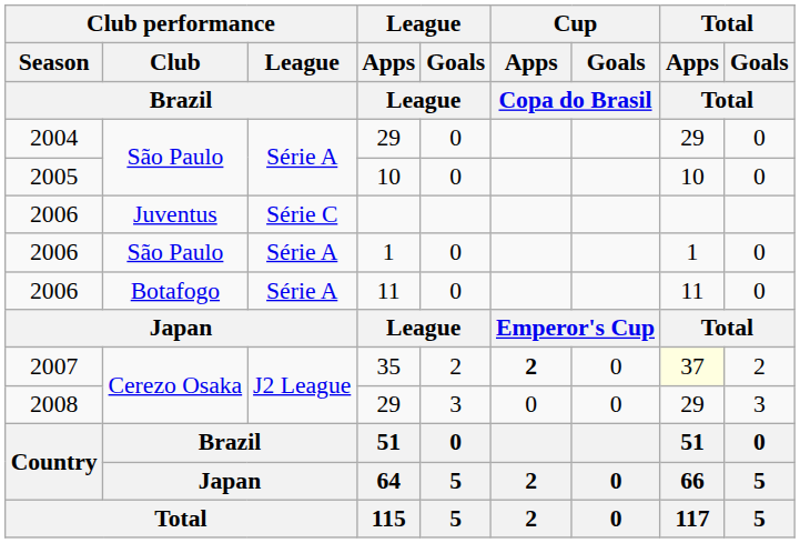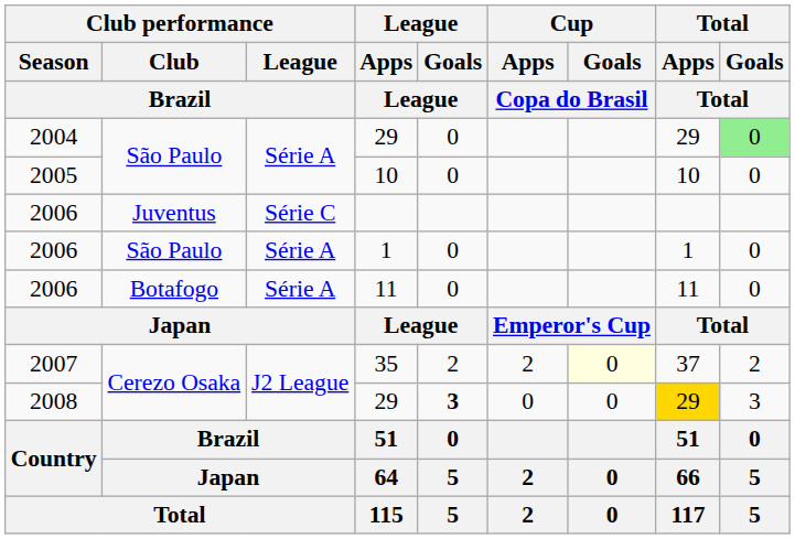 <table class="wikitable" style="text-align:center;">
 <tr>
 <th colspan=3>Club performance</th>
 <th colspan=2>League</th>
 <th colspan=2>Cup</th>
 <th colspan=2>Total</th>
 </tr>
 <tr>
 <th>Season</th>
 <th>Club</th>
 <th>League</th>
 <th>Apps</th>
 <th>Goals</th>
 <th>Apps</th>
 <th>Goals</th>
 <th>Apps</th>
 <th>Goals</th>
 </tr>
 <tr>
 <th colspan=3>Brazil</th>
 <th colspan=2>League</th>
 <th colspan=2><a href='#'>Copa do Brasil</a></th>
 <th colspan=2>Total</th>
 </tr>
 <tr>
 <td>2004</td>
 <td rowspan=2><a href='#'>São Paulo</a></td>
 <td rowspan=2><a href='#'>Série A</a></td>
 <td>29</td>
 <td>0</td>
 <td></td>
 <td></td>
 <td>29</td>
-<td>0</td>
+<td style="background: lightgreen;">0</td>
 </tr>
 <tr>
 <td>2005</td>
 <td>10</td>
 <td>0</td>
 <td></td>
 <td></td>
 <td>10</td>
 <td>0</td>
 </tr>
 <tr>
 <td>2006</td>
 <td><a href='#'>Juventus</a></td>
 <td><a href='#'>Série C</a></td>
 <td></td>
 <td></td>
 <td></td>
 <td></td>
 <td></td>
 <td></td>
 </tr>
 <tr>
 <td>2006</td>
 <td><a href='#'>São Paulo</a></td>
 <td><a href='#'>Série A</a></td>
 <td>1</td>
 <td>0</td>
 <td></td>
 <td></td>
 <td>1</td>
 <td>0</td>
 </tr>
 <tr>
 <td>2006</td>
 <td><a href='#'>Botafogo</a></td>
 <td><a href='#'>Série A</a></td>
 <td>11</td>
 <td>0</td>
 <td></td>
 <td></td>
 <td>11</td>
 <td>0</td>
 </tr>
 <tr>
 <th colspan=3>Japan</th>
 <th colspan=2>League</th>
 <th colspan=2><a href='#'>Emperor's Cup</a></th>
 <th colspan=2>Total</th>
 </tr>
 <tr>
 <td>2007</td>
 <td rowspan=2><a href='#'>Cerezo Osaka</a></td>
 <td rowspan=2><a href='#'>J2 League</a></td>
 <td>35</td>
 <td>2</td>
-<td><strong>2</strong></td>
-<td>0</td>
-<td style="background: lightyellow;">37</td>
+<td>2</td>
+<td style="background: lightyellow;">0</td>
+<td>37</td>
 <td>2</td>
 </tr>
 <tr>
 <td>2008</td>
 <td>29</td>
-<td>3</td>
+<td><strong>3</strong></td>
 <td>0</td>
 <td>0</td>
-<td>29</td>
+<td style="background: gold;">29</td>
 <td>3</td>
 </tr>
 <tr>
 <th rowspan=2>Country</th>
 <th colspan=2>Brazil</th>
 <th>51</th>
 <th>0</th>
 <th></th>
 <th></th>
 <th>51</th>
 <th>0</th>
 </tr>
 <tr>
 <th colspan=2>Japan</th>
 <th>64</th>
 <th>5</th>
 <th>2</th>
 <th>0</th>
 <th>66</th>
 <th>5</th>
 </tr>
 <tr>
 <th colspan=3>Total</th>
 <th>115</th>
 <th>5</th>
 <th>2</th>
 <th>0</th>
 <th>117</th>
 <th>5</th>
 </tr>
 </table>
